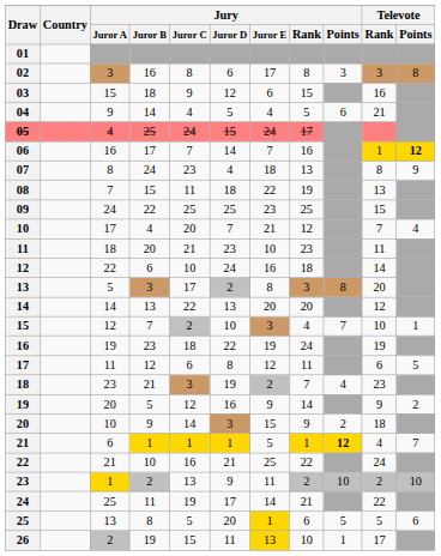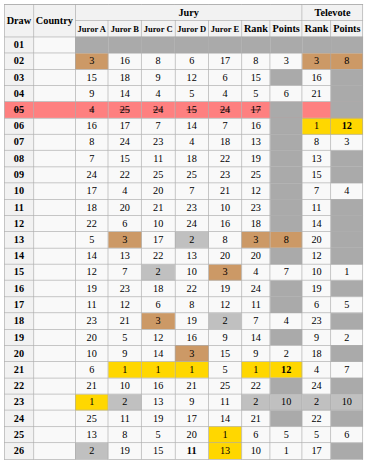 <table class="sortable wikitable collapsible plainrowheaders" style="text-align:center;">
 <tr>
 </tr>
 <tr>
 <th scope="col" rowspan="2">Draw</th>
 <th scope="col" rowspan="2">Country</th>
 <th scope="col" colspan="7">Jury</th>
 <th scope="col" colspan="2">Televote</th>
 </tr>
 <tr>
 <th scope="col"><small>Juror A</small></th>
 <th scope="col"><small>Juror B</small></th>
 <th scope="col"><small>Juror C</small></th>
 <th scope="col"><small>Juror D</small></th>
 <th scope="col"><small>Juror E</small></th>
 <th scope="col">Rank</th>
 <th scope="col" class="unsortable">Points</th>
 <th scope="col">Rank</th>
 <th scope="col" class="unsortable">Points</th>
 </tr>
 <tr class=sortbottom>
 <th scope="row" style="text-align:center;">01</th>
 <td style="text-align:left;"></td>
 <td style="background:#AAAAAA;"></td>
 <td style="background:#AAAAAA;"></td>
 <td style="background:#AAAAAA;"></td>
 <td style="background:#AAAAAA;"></td>
 <td style="background:#AAAAAA;"></td>
 <td style="background:#AAAAAA;"></td>
 <td style="background:#AAAAAA;"></td>
 <td style="background:#AAAAAA;"></td>
 <td style="background:#AAAAAA;"></td>
 </tr>
 <tr>
 <th scope="row" style="text-align:center;">02</th>
 <td style="text-align:left;"></td>
 <td style="background:#CC9966;">3</td>
 <td>16</td>
 <td>8</td>
 <td>6</td>
 <td>17</td>
 <td>8</td>
 <td>3</td>
 <td style="background:#CC9966;">3</td>
 <td style="background:#CC9966;">8</td>
 </tr>
 <tr>
 <th scope="row" style="text-align:center;">03</th>
 <td style="text-align:left;"></td>
 <td>15</td>
 <td>18</td>
 <td>9</td>
 <td>12</td>
 <td>6</td>
 <td>15</td>
 <td style="background:#AAAAAA;"></td>
 <td>16</td>
 <td style="background:#AAAAAA;"></td>
 </tr>
 <tr>
 <th scope="row" style="text-align:center;">04</th>
 <td style="text-align:left;"></td>
 <td>9</td>
 <td>14</td>
 <td>4</td>
 <td>5</td>
 <td>4</td>
 <td>5</td>
 <td>6</td>
 <td>21</td>
 <td style="background:#AAAAAA;"></td>
 </tr>
 <tr style="background:#FE8080">
 <th scope="row" style="text-align:center; background:#FE8080"><s>05</s></th>
 <td style="text-align:left;"><s></s> </td>
 <td><s>4</s></td>
 <td><s>25</s></td>
 <td><s>24</s></td>
 <td><s>15</s></td>
 <td><s>24</s></td>
 <td><s>17</s></td>
 <td style="background:#AAAAAA;"></td>
 <td></td>
 <td style="background:#AAAAAA;"></td>
 </tr>
 <tr>
 <th scope="row" style="text-align:center;">06</th>
 <td style="text-align:left;"></td>
 <td>16</td>
 <td>17</td>
 <td>7</td>
 <td>14</td>
 <td>7</td>
 <td>16</td>
 <td style="background:#AAAAAA;"></td>
 <td style="background:gold;">1</td>
 <td style="background:gold;"><strong>12</strong></td>
 </tr>
 <tr>
 <th scope="row" style="text-align:center;">07</th>
 <td style="text-align:left;"></td>
 <td>8</td>
 <td>24</td>
 <td>23</td>
 <td>4</td>
 <td>18</td>
 <td>13</td>
 <td style="background:#AAAAAA;"></td>
 <td>8</td>
-<td>9</td>
+<td>3</td>
 </tr>
 <tr>
 <th scope="row" style="text-align:center;">08</th>
 <td style="text-align:left;"></td>
 <td>7</td>
 <td>15</td>
 <td>11</td>
 <td>18</td>
 <td>22</td>
 <td>19</td>
 <td style="background:#AAAAAA;"></td>
 <td>13</td>
 <td style="background:#AAAAAA;"></td>
 </tr>
 <tr>
 <th scope="row" style="text-align:center;">09</th>
 <td style="text-align:left;"></td>
 <td>24</td>
 <td>22</td>
 <td>25</td>
 <td>25</td>
 <td>23</td>
 <td>25</td>
 <td style="background:#AAAAAA;"></td>
 <td>15</td>
 <td style="background:#AAAAAA;"></td>
 </tr>
 <tr>
 <th scope="row" style="text-align:center;">10</th>
 <td style="text-align:left;"></td>
 <td>17</td>
 <td>4</td>
 <td>20</td>
 <td>7</td>
 <td>21</td>
 <td>12</td>
 <td style="background:#AAAAAA;"></td>
 <td>7</td>
 <td>4</td>
 </tr>
 <tr>
 <th scope="row" style="text-align:center;">11</th>
 <td style="text-align:left;"></td>
 <td>18</td>
 <td>20</td>
 <td>21</td>
 <td>23</td>
 <td>10</td>
 <td>23</td>
 <td style="background:#AAAAAA;"></td>
 <td>11</td>
 <td style="background:#AAAAAA;"></td>
 </tr>
 <tr>
 <th scope="row" style="text-align:center;">12</th>
 <td style="text-align:left;"></td>
 <td>22</td>
 <td>6</td>
 <td>10</td>
 <td>24</td>
 <td>16</td>
 <td>18</td>
 <td style="background:#AAAAAA;"></td>
 <td>14</td>
 <td style="background:#AAAAAA;"></td>
 </tr>
 <tr>
 <th scope="row" style="text-align:center;">13</th>
 <td style="text-align:left;"></td>
 <td>5</td>
 <td style="background:#CC9966;">3</td>
 <td>17</td>
 <td style="background:silver;">2</td>
 <td>8</td>
 <td style="background:#CC9966;">3</td>
 <td style="background:#CC9966;">8</td>
 <td>20</td>
 <td style="background:#AAAAAA;"></td>
 </tr>
 <tr>
 <th scope="row" style="text-align:center;">14</th>
 <td style="text-align:left;"></td>
 <td>14</td>
 <td>13</td>
 <td>22</td>
 <td>13</td>
 <td>20</td>
 <td>20</td>
 <td style="background:#AAAAAA;"></td>
 <td>12</td>
 <td style="background:#AAAAAA;"></td>
 </tr>
 <tr>
 <th scope="row" style="text-align:center;">15</th>
 <td style="text-align:left;"></td>
 <td>12</td>
 <td>7</td>
 <td style="background:silver;">2</td>
 <td>10</td>
 <td style="background:#CC9966;">3</td>
 <td>4</td>
 <td>7</td>
 <td>10</td>
 <td>1</td>
 </tr>
 <tr>
 <th scope="row" style="text-align:center;">16</th>
 <td style="text-align:left;"></td>
 <td>19</td>
 <td>23</td>
 <td>18</td>
 <td>22</td>
 <td>19</td>
 <td>24</td>
 <td style="background:#AAAAAA;"></td>
 <td>19</td>
 <td style="background:#AAAAAA;"></td>
 </tr>
 <tr>
 <th scope="row" style="text-align:center;">17</th>
 <td style="text-align:left;"></td>
 <td>11</td>
 <td>12</td>
 <td>6</td>
 <td>8</td>
 <td>12</td>
 <td>11</td>
 <td style="background:#AAAAAA;"></td>
 <td>6</td>
 <td>5</td>
 </tr>
 <tr>
 <th scope="row" style="text-align:center;">18</th>
 <td style="text-align:left;"></td>
 <td>23</td>
 <td>21</td>
 <td style="background:#CC9966;">3</td>
 <td>19</td>
 <td style="background:silver;">2</td>
 <td>7</td>
 <td>4</td>
 <td>23</td>
 <td style="background:#AAAAAA;"></td>
 </tr>
 <tr>
 <th scope="row" style="text-align:center;">19</th>
 <td style="text-align:left;"></td>
 <td>20</td>
 <td>5</td>
 <td>12</td>
 <td>16</td>
 <td>9</td>
 <td>14</td>
 <td style="background:#AAAAAA;"></td>
 <td>9</td>
 <td>2</td>
 </tr>
 <tr>
 <th scope="row" style="text-align:center;">20</th>
 <td style="text-align:left;"></td>
 <td>10</td>
 <td>9</td>
 <td>14</td>
 <td style="background:#CC9966;">3</td>
 <td>15</td>
 <td>9</td>
 <td>2</td>
 <td>18</td>
 <td style="background:#AAAAAA;"></td>
 </tr>
 <tr>
 <th scope="row" style="text-align:center;">21</th>
 <td style="text-align:left;"></td>
 <td>6</td>
 <td style="background:gold;">1</td>
 <td style="background:gold;">1</td>
 <td style="background:gold;">1</td>
 <td>5</td>
 <td style="background:gold;">1</td>
 <td style="background:gold;"><strong>12</strong></td>
 <td>4</td>
 <td>7</td>
 </tr>
 <tr>
 <th scope="row" style="text-align:center;">22</th>
 <td style="text-align:left;"></td>
 <td>21</td>
 <td>10</td>
 <td>16</td>
 <td>21</td>
 <td>25</td>
 <td>22</td>
 <td style="background:#AAAAAA;"></td>
 <td>24</td>
 <td style="background:#AAAAAA;"></td>
 </tr>
 <tr>
 <th scope="row" style="text-align:center;">23</th>
 <td style="text-align:left;"></td>
 <td style="background:gold;">1</td>
 <td style="background:silver;">2</td>
 <td>13</td>
 <td>9</td>
 <td>11</td>
 <td style="background:silver;">2</td>
 <td style="background:silver;">10</td>
 <td style="background:silver;">2</td>
 <td style="background:silver;">10</td>
 </tr>
 <tr>
 <th scope="row" style="text-align:center;">24</th>
 <td style="text-align:left;"></td>
 <td>25</td>
 <td>11</td>
 <td>19</td>
 <td>17</td>
 <td>14</td>
 <td>21</td>
 <td style="background:#AAAAAA;"></td>
 <td>22</td>
 <td style="background:#AAAAAA;"></td>
 </tr>
 <tr>
 <th scope="row" style="text-align:center;">25</th>
 <td style="text-align:left;"></td>
 <td>13</td>
 <td>8</td>
 <td>5</td>
 <td>20</td>
 <td style="background:gold;">1</td>
 <td>6</td>
 <td>5</td>
 <td>5</td>
 <td>6</td>
 </tr>
 <tr>
 <th scope="row" style="text-align:center;">26</th>
 <td style="text-align:left;"></td>
 <td style="background:silver;">2</td>
 <td>19</td>
 <td>15</td>
-<td>11</td>
+<td><strong>11</strong></td>
 <td style="background: gold;">13</td>
 <td>10</td>
 <td>1</td>
 <td>17</td>
 <td style="background:#AAAAAA;"></td>
 </tr>
 </table>
